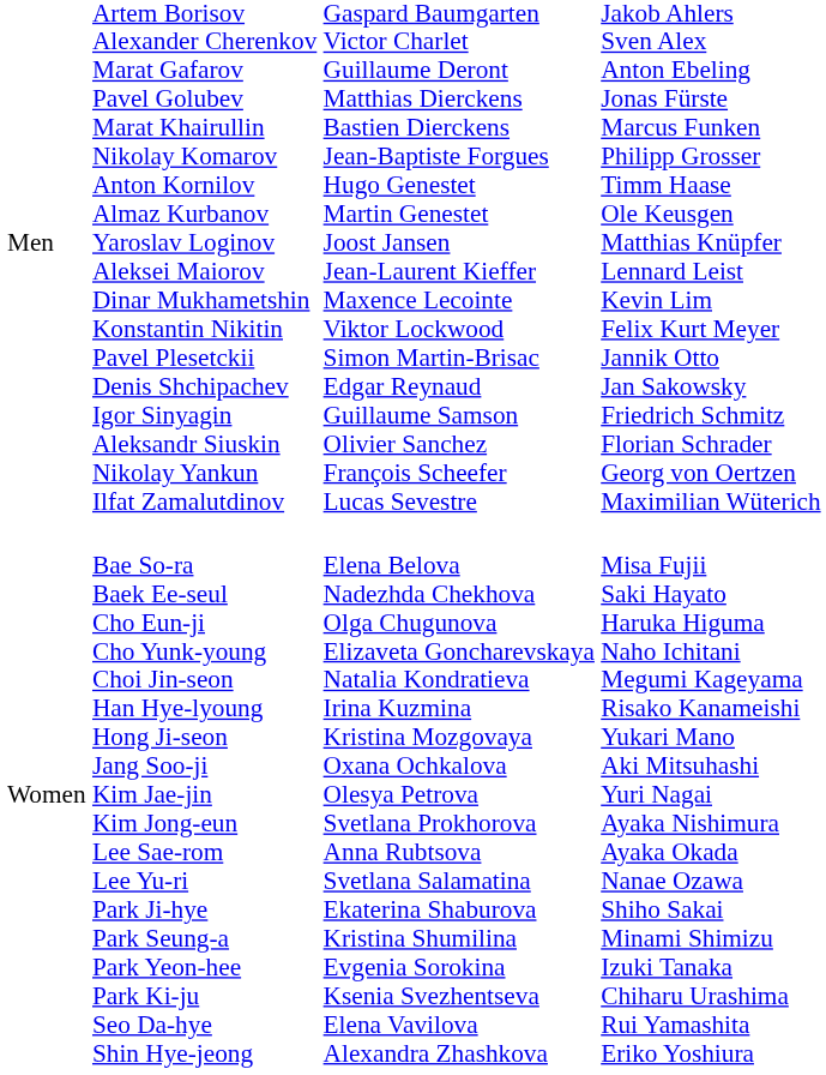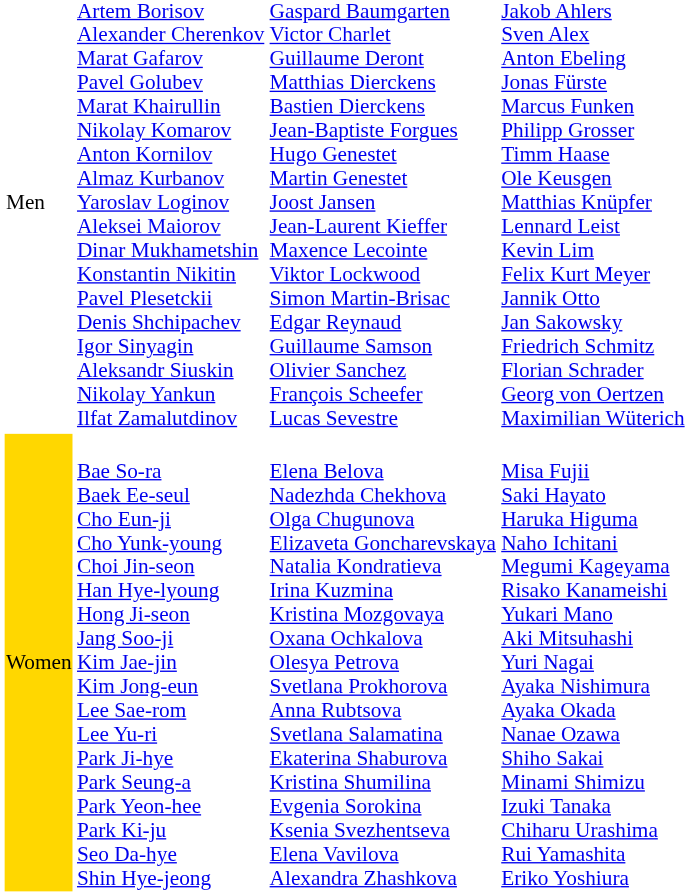 <table>
 <tr>
 <td>Men<br></td>
 <td><br><a href='#'>Artem Borisov</a><br> <a href='#'>Alexander Cherenkov</a><br> <a href='#'>Marat Gafarov</a><br> <a href='#'>Pavel Golubev</a><br> <a href='#'>Marat Khairullin</a><br> <a href='#'>Nikolay Komarov</a><br> <a href='#'>Anton Kornilov</a><br> <a href='#'>Almaz Kurbanov</a><br> <a href='#'>Yaroslav Loginov</a><br> <a href='#'>Aleksei Maiorov</a><br> <a href='#'>Dinar Mukhametshin</a><br> <a href='#'>Konstantin Nikitin</a><br> <a href='#'>Pavel Plesetckii</a><br> <a href='#'>Denis Shchipachev</a><br> <a href='#'>Igor Sinyagin</a><br> <a href='#'>Aleksandr Siuskin</a><br> <a href='#'>Nikolay Yankun</a><br> <a href='#'>Ilfat Zamalutdinov</a></td>
 <td><br><a href='#'>Gaspard Baumgarten</a><br> <a href='#'>Victor Charlet</a><br> <a href='#'>Guillaume Deront</a><br> <a href='#'>Matthias Dierckens</a><br> <a href='#'>Bastien Dierckens</a><br> <a href='#'>Jean-Baptiste Forgues</a><br> <a href='#'>Hugo Genestet</a><br> <a href='#'>Martin Genestet</a><br> <a href='#'>Joost Jansen</a><br> <a href='#'>Jean-Laurent Kieffer</a><br> <a href='#'>Maxence Lecointe</a><br> <a href='#'>Viktor Lockwood</a><br> <a href='#'>Simon Martin-Brisac</a><br> <a href='#'>Edgar Reynaud</a><br> <a href='#'>Guillaume Samson</a><br> <a href='#'>Olivier Sanchez</a><br> <a href='#'>François Scheefer</a><br> <a href='#'>Lucas Sevestre</a></td>
 <td><br><a href='#'>Jakob Ahlers</a><br> <a href='#'>Sven Alex</a><br> <a href='#'>Anton Ebeling</a><br> <a href='#'>Jonas Fürste</a><br> <a href='#'>Marcus Funken</a><br> <a href='#'>Philipp Grosser</a><br> <a href='#'>Timm Haase</a><br> <a href='#'>Ole Keusgen</a><br> <a href='#'>Matthias Knüpfer</a><br> <a href='#'>Lennard Leist</a><br> <a href='#'>Kevin Lim</a><br> <a href='#'>Felix Kurt Meyer</a><br> <a href='#'>Jannik Otto</a><br> <a href='#'>Jan Sakowsky</a><br> <a href='#'>Friedrich Schmitz</a><br> <a href='#'>Florian Schrader</a><br> <a href='#'>Georg von Oertzen</a><br> <a href='#'>Maximilian Wüterich</a></td>
 </tr>
 <tr>
-<td>Women<br></td>
+<td style="background: gold;">Women<br></td>
 <td><br><a href='#'>Bae So-ra</a><br><a href='#'>Baek Ee-seul</a><br><a href='#'>Cho Eun-ji</a><br><a href='#'>Cho Yunk-young</a><br><a href='#'>Choi Jin-seon</a><br><a href='#'>Han Hye-lyoung</a><br><a href='#'>Hong Ji-seon</a><br><a href='#'>Jang Soo-ji</a><br><a href='#'>Kim Jae-jin</a><br><a href='#'>Kim Jong-eun</a><br><a href='#'>Lee Sae-rom</a><br><a href='#'>Lee Yu-ri</a><br><a href='#'>Park Ji-hye</a><br><a href='#'>Park Seung-a</a><br><a href='#'>Park Yeon-hee</a><br><a href='#'>Park Ki-ju</a><br><a href='#'>Seo Da-hye</a><br><a href='#'>Shin Hye-jeong</a></td>
 <td><br><a href='#'>Elena Belova</a><br><a href='#'>Nadezhda Chekhova</a><br><a href='#'>Olga Chugunova</a><br><a href='#'>Elizaveta Goncharevskaya</a><br><a href='#'>Natalia Kondratieva</a><br><a href='#'>Irina Kuzmina</a><br><a href='#'>Kristina Mozgovaya</a><br><a href='#'>Oxana Ochkalova</a><br><a href='#'>Olesya Petrova</a><br><a href='#'>Svetlana Prokhorova</a><br><a href='#'>Anna Rubtsova</a><br><a href='#'>Svetlana Salamatina</a><br><a href='#'>Ekaterina Shaburova</a><br><a href='#'>Kristina Shumilina</a><br><a href='#'>Evgenia Sorokina</a><br><a href='#'>Ksenia Svezhentseva</a><br><a href='#'>Elena Vavilova</a><br><a href='#'>Alexandra Zhashkova</a></td>
 <td><br><a href='#'>Misa Fujii</a><br><a href='#'>Saki Hayato</a><br><a href='#'>Haruka Higuma</a><br><a href='#'>Naho Ichitani</a><br><a href='#'>Megumi Kageyama</a><br><a href='#'>Risako Kanameishi</a><br><a href='#'>Yukari Mano</a><br><a href='#'>Aki Mitsuhashi</a><br><a href='#'>Yuri Nagai</a><br><a href='#'>Ayaka Nishimura</a><br><a href='#'>Ayaka Okada</a><br><a href='#'>Nanae Ozawa</a><br><a href='#'>Shiho Sakai</a><br><a href='#'>Minami Shimizu</a><br><a href='#'>Izuki Tanaka</a><br><a href='#'>Chiharu Urashima</a><br><a href='#'>Rui Yamashita</a><br><a href='#'>Eriko Yoshiura</a></td>
 </tr>
 </table>
